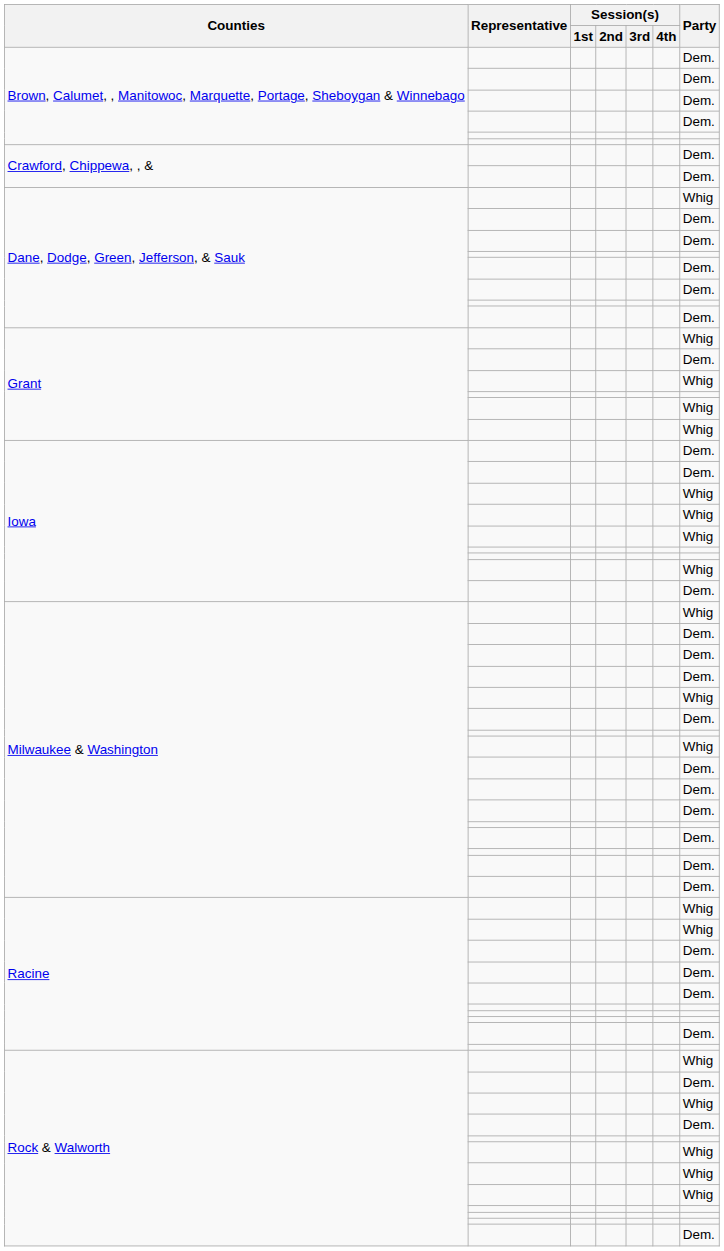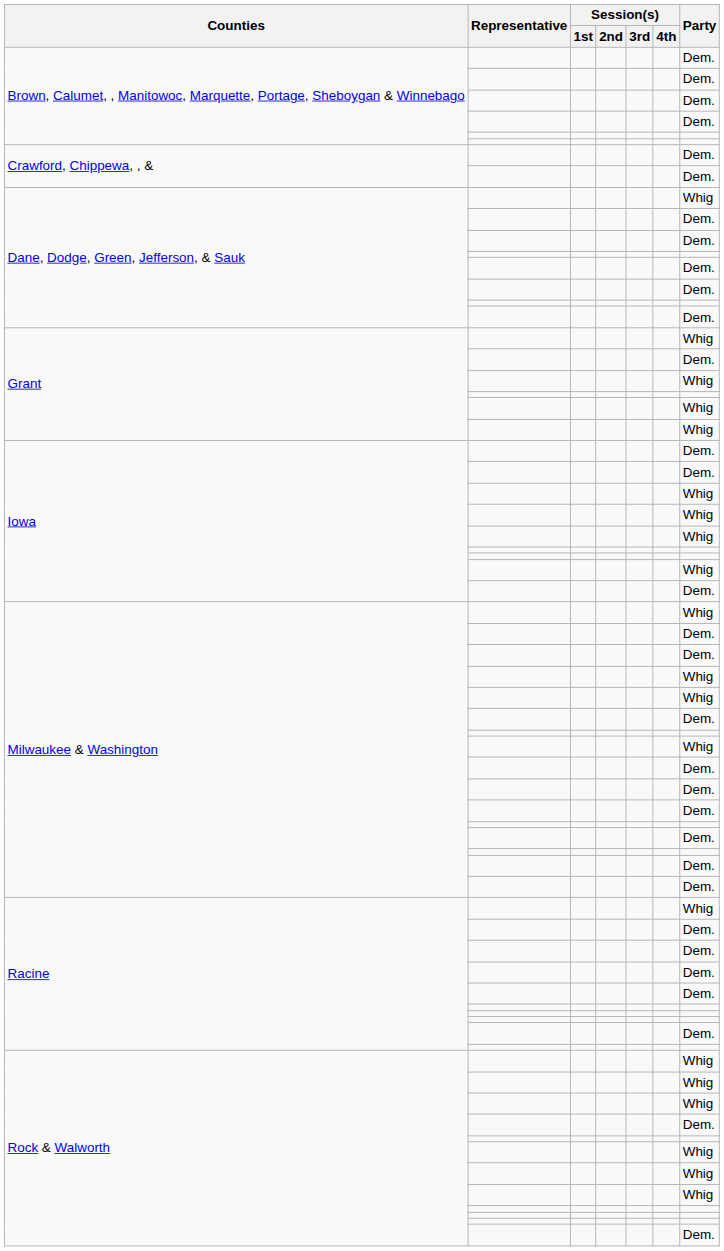 <table class="wikitable sortable">
 <tr>
 <th rowspan="2">Counties</th>
 <th rowspan="2">Representative</th>
 <th colspan="4">Session(s)</th>
 <th rowspan="2">Party</th>
 </tr>
 <tr>
 <th>1st</th>
 <th>2nd</th>
 <th>3rd</th>
 <th>4th</th>
 </tr>
 <tr>
 <td rowspan="6"><a href='#'>Brown</a>, <a href='#'>Calumet</a>, , <a href='#'>Manitowoc</a>, <a href='#'>Marquette</a>, <a href='#'>Portage</a>, <a href='#'>Sheboygan</a> & <a href='#'>Winnebago</a></td>
 <td></td>
 <td></td>
 <td></td>
 <td></td>
 <td></td>
 <td>Dem.</td>
 </tr>
 <tr>
 <td></td>
 <td></td>
 <td></td>
 <td></td>
 <td></td>
 <td>Dem.</td>
 </tr>
 <tr>
 <td></td>
 <td></td>
 <td></td>
 <td></td>
 <td></td>
 <td>Dem.</td>
 </tr>
 <tr>
 <td></td>
 <td></td>
 <td></td>
 <td></td>
 <td></td>
 <td>Dem.</td>
 </tr>
 <tr>
 <td></td>
 <td></td>
 <td></td>
 <td></td>
 <td></td>
 <td></td>
 </tr>
 <tr>
 <td></td>
 <td></td>
 <td></td>
 <td></td>
 <td></td>
 <td></td>
 </tr>
 <tr>
 <td rowspan="2"><a href='#'>Crawford</a>, <a href='#'>Chippewa</a>, , & </td>
 <td></td>
 <td></td>
 <td></td>
 <td></td>
 <td></td>
 <td>Dem.</td>
 </tr>
 <tr>
 <td></td>
 <td></td>
 <td></td>
 <td></td>
 <td></td>
 <td>Dem.</td>
 </tr>
 <tr>
 <td rowspan="8"><a href='#'>Dane</a>, <a href='#'>Dodge</a>, <a href='#'>Green</a>, <a href='#'>Jefferson</a>, & <a href='#'>Sauk</a></td>
 <td></td>
 <td></td>
 <td></td>
 <td></td>
 <td></td>
 <td>Whig</td>
 </tr>
 <tr>
 <td></td>
 <td></td>
 <td></td>
 <td></td>
 <td></td>
 <td>Dem.</td>
 </tr>
 <tr>
 <td></td>
 <td></td>
 <td></td>
 <td></td>
 <td></td>
 <td>Dem.</td>
 </tr>
 <tr>
 <td></td>
 <td></td>
 <td></td>
 <td></td>
 <td></td>
 <td></td>
 </tr>
 <tr>
 <td></td>
 <td></td>
 <td></td>
 <td></td>
 <td></td>
 <td>Dem.</td>
 </tr>
 <tr>
 <td></td>
 <td></td>
 <td></td>
 <td></td>
 <td></td>
 <td>Dem.</td>
 </tr>
 <tr>
 <td></td>
 <td></td>
 <td></td>
 <td></td>
 <td></td>
 <td></td>
 </tr>
 <tr>
 <td></td>
 <td></td>
 <td></td>
 <td></td>
 <td></td>
 <td>Dem.</td>
 </tr>
 <tr>
 <td rowspan="6"><a href='#'>Grant</a></td>
 <td></td>
 <td></td>
 <td></td>
 <td></td>
 <td></td>
 <td>Whig</td>
 </tr>
 <tr>
 <td></td>
 <td></td>
 <td></td>
 <td></td>
 <td></td>
 <td>Dem.</td>
 </tr>
 <tr>
 <td></td>
 <td></td>
 <td></td>
 <td></td>
 <td></td>
 <td>Whig</td>
 </tr>
 <tr>
 <td></td>
 <td></td>
 <td></td>
 <td></td>
 <td></td>
 <td></td>
 </tr>
 <tr>
 <td></td>
 <td></td>
 <td></td>
 <td></td>
 <td></td>
 <td>Whig</td>
 </tr>
 <tr>
 <td></td>
 <td></td>
 <td></td>
 <td></td>
 <td></td>
 <td>Whig</td>
 </tr>
 <tr>
 <td rowspan="9"><a href='#'>Iowa</a></td>
 <td></td>
 <td></td>
 <td></td>
 <td></td>
 <td></td>
 <td>Dem.</td>
 </tr>
 <tr>
 <td></td>
 <td></td>
 <td></td>
 <td></td>
 <td></td>
 <td>Dem.</td>
 </tr>
 <tr>
 <td></td>
 <td></td>
 <td></td>
 <td></td>
 <td></td>
 <td>Whig</td>
 </tr>
 <tr>
 <td></td>
 <td></td>
 <td></td>
 <td></td>
 <td></td>
 <td>Whig</td>
 </tr>
 <tr>
 <td></td>
 <td></td>
 <td></td>
 <td></td>
 <td></td>
 <td>Whig</td>
 </tr>
 <tr>
 <td></td>
 <td></td>
 <td></td>
 <td></td>
 <td></td>
 <td></td>
 </tr>
 <tr>
 <td></td>
 <td></td>
 <td></td>
 <td></td>
 <td></td>
 <td></td>
 </tr>
 <tr>
 <td></td>
 <td></td>
 <td></td>
 <td></td>
 <td></td>
 <td>Whig</td>
 </tr>
 <tr>
 <td></td>
 <td></td>
 <td></td>
 <td></td>
 <td></td>
 <td>Dem.</td>
 </tr>
 <tr>
 <td rowspan="16"><a href='#'>Milwaukee</a> & <a href='#'>Washington</a></td>
 <td></td>
 <td></td>
 <td></td>
 <td></td>
 <td></td>
 <td>Whig</td>
 </tr>
 <tr>
 <td></td>
 <td></td>
 <td></td>
 <td></td>
 <td></td>
 <td>Dem.</td>
 </tr>
 <tr>
 <td></td>
 <td></td>
 <td></td>
 <td></td>
 <td></td>
 <td>Dem.</td>
 </tr>
 <tr>
 <td></td>
 <td></td>
 <td></td>
 <td></td>
 <td></td>
-<td>Dem.</td>
+<td>Whig</td>
 </tr>
 <tr>
 <td></td>
 <td></td>
 <td></td>
 <td></td>
 <td></td>
 <td>Whig</td>
 </tr>
 <tr>
 <td></td>
 <td></td>
 <td></td>
 <td></td>
 <td></td>
 <td>Dem.</td>
 </tr>
 <tr>
 <td></td>
 <td></td>
 <td></td>
 <td></td>
 <td></td>
 <td></td>
 </tr>
 <tr>
 <td></td>
 <td></td>
 <td></td>
 <td></td>
 <td></td>
 <td>Whig</td>
 </tr>
 <tr>
 <td></td>
 <td></td>
 <td></td>
 <td></td>
 <td></td>
 <td>Dem.</td>
 </tr>
 <tr>
 <td></td>
 <td></td>
 <td></td>
 <td></td>
 <td></td>
 <td>Dem.</td>
 </tr>
 <tr>
 <td></td>
 <td></td>
 <td></td>
 <td></td>
 <td></td>
 <td>Dem.</td>
 </tr>
 <tr>
 <td></td>
 <td></td>
 <td></td>
 <td></td>
 <td></td>
 <td></td>
 </tr>
 <tr>
 <td></td>
 <td></td>
 <td></td>
 <td></td>
 <td></td>
 <td>Dem.</td>
 </tr>
 <tr>
 <td></td>
 <td></td>
 <td></td>
 <td></td>
 <td></td>
 <td></td>
 </tr>
 <tr>
 <td></td>
 <td></td>
 <td></td>
 <td></td>
 <td></td>
 <td>Dem.</td>
 </tr>
 <tr>
 <td></td>
 <td></td>
 <td></td>
 <td></td>
 <td></td>
 <td>Dem.</td>
 </tr>
 <tr>
 <td rowspan="10"><a href='#'>Racine</a></td>
 <td></td>
 <td></td>
 <td></td>
 <td></td>
 <td></td>
 <td>Whig</td>
 </tr>
 <tr>
 <td></td>
 <td></td>
 <td></td>
 <td></td>
 <td></td>
-<td>Whig</td>
+<td>Dem.</td>
 </tr>
 <tr>
 <td></td>
 <td></td>
 <td></td>
 <td></td>
 <td></td>
 <td>Dem.</td>
 </tr>
 <tr>
 <td></td>
 <td></td>
 <td></td>
 <td></td>
 <td></td>
 <td>Dem.</td>
 </tr>
 <tr>
 <td></td>
 <td></td>
 <td></td>
 <td></td>
 <td></td>
 <td>Dem.</td>
 </tr>
 <tr>
 <td></td>
 <td></td>
 <td></td>
 <td></td>
 <td></td>
 <td></td>
 </tr>
 <tr>
 <td></td>
 <td></td>
 <td></td>
 <td></td>
 <td></td>
 <td></td>
 </tr>
 <tr>
 <td></td>
 <td></td>
 <td></td>
 <td></td>
 <td></td>
 <td></td>
 </tr>
 <tr>
 <td></td>
 <td></td>
 <td></td>
 <td></td>
 <td></td>
 <td>Dem.</td>
 </tr>
 <tr>
 <td></td>
 <td></td>
 <td></td>
 <td></td>
 <td></td>
 <td></td>
 </tr>
 <tr>
 <td rowspan="12"><a href='#'>Rock</a> & <a href='#'>Walworth</a></td>
 <td></td>
 <td></td>
 <td></td>
 <td></td>
 <td></td>
 <td>Whig</td>
 </tr>
 <tr>
 <td></td>
 <td></td>
 <td></td>
 <td></td>
 <td></td>
-<td>Dem.</td>
+<td>Whig</td>
 </tr>
 <tr>
 <td></td>
 <td></td>
 <td></td>
 <td></td>
 <td></td>
 <td>Whig</td>
 </tr>
 <tr>
 <td></td>
 <td></td>
 <td></td>
 <td></td>
 <td></td>
 <td>Dem.</td>
 </tr>
 <tr>
 <td></td>
 <td></td>
 <td></td>
 <td></td>
 <td></td>
 <td></td>
 </tr>
 <tr>
 <td></td>
 <td></td>
 <td></td>
 <td></td>
 <td></td>
 <td>Whig</td>
 </tr>
 <tr>
 <td></td>
 <td></td>
 <td></td>
 <td></td>
 <td></td>
 <td>Whig</td>
 </tr>
 <tr>
 <td></td>
 <td></td>
 <td></td>
 <td></td>
 <td></td>
 <td>Whig</td>
 </tr>
 <tr>
 <td></td>
 <td></td>
 <td></td>
 <td></td>
 <td></td>
 <td></td>
 </tr>
 <tr>
 <td></td>
 <td></td>
 <td></td>
 <td></td>
 <td></td>
 <td></td>
 </tr>
 <tr>
 <td></td>
 <td></td>
 <td></td>
 <td></td>
 <td></td>
 <td></td>
 </tr>
 <tr>
 <td></td>
 <td></td>
 <td></td>
 <td></td>
 <td></td>
 <td>Dem.</td>
 </tr>
 </table>
